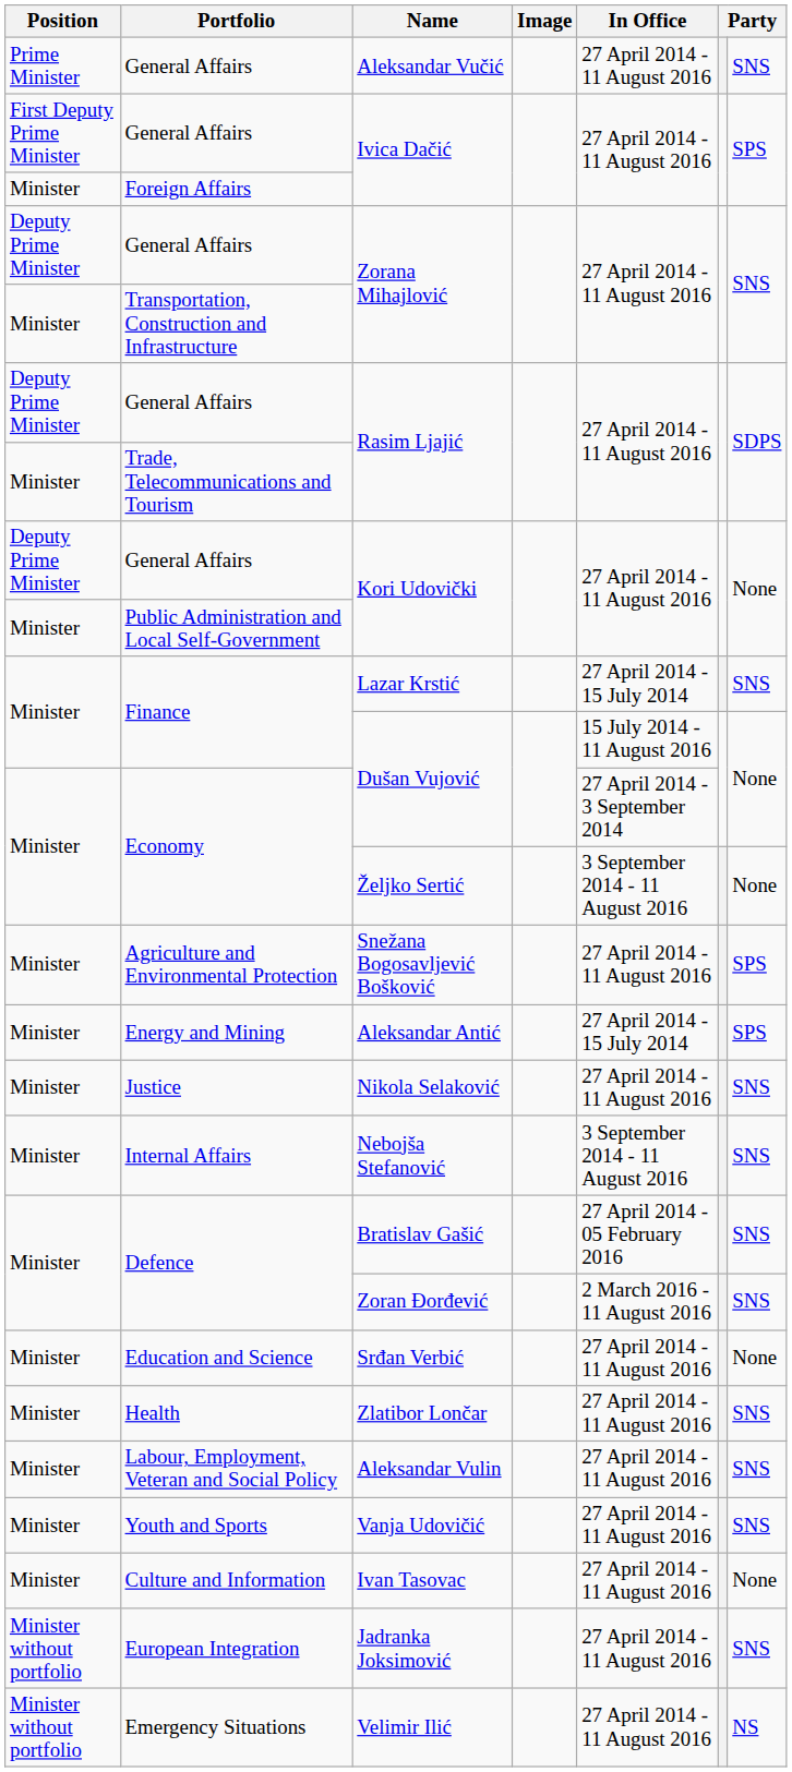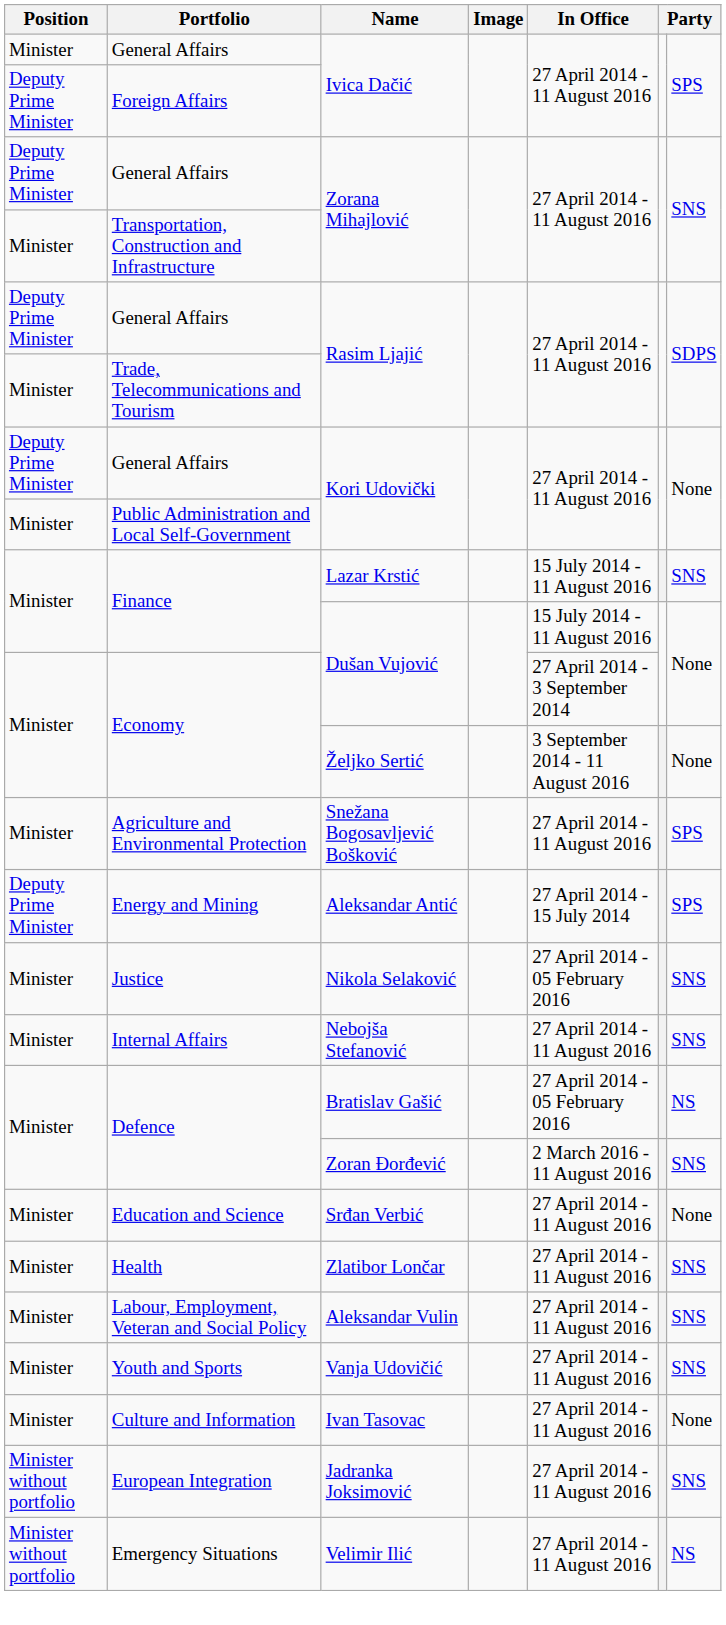 <table class="wikitable">
 <tr>
 <th colspan="1" bgcolor="#EEEEEE">Position</th>
 <th colspan="1" bgcolor="#EEEEEE">Portfolio</th>
 <th colspan="1" bgcolor="#EEEEEE">Name</th>
 <th colspan="1" bgcolor="#EEEEEE">Image</th>
 <th colspan="1" bgcolor="#EEEEEE">In Office</th>
 <th colspan="2" bgcolor="#EEEEEE">Party</th>
 </tr>
 <tr>
-<td><a href='#'>Prime Minister</a></td>
-<td>General Affairs</td>
-<td><a href='#'>Aleksandar Vučić</a></td>
-<td></td>
-<td>27 April 2014 - 11 August 2016</td>
-<th style="background:"></th>
-<td><a href='#'>SNS</a></td>
-</tr>
-<tr>
-<td><a href='#'>First Deputy Prime Minister</a></td>
+<td>Minister</td>
 <td>General Affairs</td>
 <td rowspan="2"><a href='#'>Ivica Dačić</a></td>
 <td rowspan="2"></td>
 <td rowspan="2">27 April 2014 - 11 August 2016</td>
 <td rowspan=2 style="background:"></td>
 <td rowspan="2"><a href='#'>SPS</a></td>
 </tr>
 <tr>
-<td>Minister</td>
+<td><a href='#'>Deputy Prime Minister</a></td>
 <td><a href='#'>Foreign Affairs</a></td>
 </tr>
 <tr>
 <td><a href='#'>Deputy Prime Minister</a></td>
 <td>General Affairs</td>
 <td rowspan="2"><a href='#'>Zorana Mihajlović</a></td>
 <td rowspan="2"></td>
 <td rowspan="2">27 April 2014 - 11 August 2016</td>
 <td rowspan=2 style="background:"></td>
 <td rowspan="2"><a href='#'>SNS</a></td>
 </tr>
 <tr>
 <td>Minister</td>
 <td><a href='#'>Transportation, Construction and Infrastructure</a></td>
 </tr>
 <tr>
 <td><a href='#'>Deputy Prime Minister</a></td>
 <td>General Affairs</td>
 <td rowspan="2"><a href='#'>Rasim Ljajić</a></td>
 <td rowspan="2"></td>
 <td rowspan="2">27 April 2014 - 11 August 2016</td>
 <td rowspan=2 style="background:"></td>
 <td rowspan="2"><a href='#'>SDPS</a></td>
 </tr>
 <tr>
 <td>Minister</td>
 <td><a href='#'>Trade, Telecommunications and Tourism</a></td>
 </tr>
 <tr>
 <td><a href='#'>Deputy Prime Minister</a></td>
 <td>General Affairs</td>
 <td rowspan="2"><a href='#'>Kori Udovički</a></td>
 <td rowspan="2"></td>
 <td rowspan="2">27 April 2014 - 11 August 2016</td>
 <td rowspan=2 style="background:"></td>
 <td rowspan="2">None</td>
 </tr>
 <tr>
 <td>Minister</td>
 <td><a href='#'>Public Administration and Local Self-Government</a></td>
 </tr>
 <tr>
 <td rowspan="2">Minister</td>
 <td rowspan="2"><a href='#'>Finance</a></td>
 <td><a href='#'>Lazar Krstić</a></td>
 <td></td>
-<td>27 April 2014 - 15 July 2014</td>
+<td>15 July 2014 - 11 August 2016</td>
 <th style="background:"></th>
 <td><a href='#'>SNS</a></td>
 </tr>
 <tr>
 <td rowspan="2"><a href='#'>Dušan Vujović</a></td>
 <td rowspan="2"></td>
 <td>15 July 2014 - 11 August 2016</td>
 <td rowspan=2 style="background:"></td>
 <td rowspan="2">None</td>
 </tr>
 <tr>
 <td rowspan="2">Minister</td>
 <td rowspan="2"><a href='#'>Economy</a></td>
 <td>27 April 2014 - 3 September 2014</td>
 </tr>
 <tr>
 <td><a href='#'>Željko Sertić</a></td>
 <td></td>
 <td>3 September 2014 - 11 August 2016</td>
 <th style="background:"></th>
 <td>None</td>
 </tr>
 <tr>
 <td>Minister</td>
 <td><a href='#'>Agriculture and Environmental Protection</a></td>
 <td><a href='#'>Snežana Bogosavljević Bošković</a></td>
 <td></td>
 <td>27 April 2014 - 11 August 2016</td>
 <th style="background:"></th>
 <td><a href='#'>SPS</a></td>
 </tr>
 <tr>
-<td>Minister</td>
+<td><a href='#'>Deputy Prime Minister</a></td>
 <td><a href='#'>Energy and Mining</a></td>
 <td><a href='#'>Aleksandar Antić</a></td>
 <td></td>
 <td>27 April 2014 - 15 July 2014</td>
 <th style="background:"></th>
 <td><a href='#'>SPS</a></td>
 </tr>
 <tr>
 <td>Minister</td>
 <td><a href='#'>Justice</a></td>
 <td><a href='#'>Nikola Selaković</a></td>
 <td></td>
-<td>27 April 2014 - 11 August 2016</td>
+<td>27 April 2014 - 05 February 2016</td>
 <th style="background:"></th>
 <td><a href='#'>SNS</a></td>
 </tr>
 <tr>
 <td>Minister</td>
 <td><a href='#'>Internal Affairs</a></td>
 <td><a href='#'>Nebojša Stefanović</a></td>
 <td></td>
-<td>3 September 2014 - 11 August 2016</td>
+<td>27 April 2014 - 11 August 2016</td>
 <th style="background:"></th>
 <td><a href='#'>SNS</a></td>
 </tr>
 <tr>
 <td rowspan="2">Minister</td>
 <td rowspan="2"><a href='#'>Defence</a></td>
 <td><a href='#'>Bratislav Gašić</a></td>
 <td></td>
 <td>27 April 2014 - 05 February 2016</td>
 <th style="background:"></th>
-<td><a href='#'>SNS</a></td>
+<td><a href='#'>NS</a></td>
 </tr>
 <tr>
 <td><a href='#'>Zoran Đorđević</a></td>
 <td></td>
 <td>2 March 2016 - 11 August 2016</td>
 <th style="background:"></th>
 <td><a href='#'>SNS</a></td>
 </tr>
 <tr>
 <td>Minister</td>
 <td><a href='#'>Education and Science</a></td>
 <td><a href='#'>Srđan Verbić</a></td>
 <td></td>
 <td>27 April 2014 - 11 August 2016</td>
 <th style="background:"></th>
 <td>None</td>
 </tr>
 <tr>
 <td>Minister</td>
 <td><a href='#'>Health</a></td>
 <td><a href='#'>Zlatibor Lončar</a></td>
 <td></td>
 <td>27 April 2014 - 11 August 2016</td>
 <th style="background:"></th>
 <td><a href='#'>SNS</a></td>
 </tr>
 <tr>
 <td>Minister</td>
 <td><a href='#'>Labour, Employment, Veteran and Social Policy</a></td>
 <td><a href='#'>Aleksandar Vulin</a></td>
 <td></td>
 <td>27 April 2014 - 11 August 2016</td>
 <th style="background:"></th>
 <td><a href='#'>SNS</a></td>
 </tr>
 <tr>
 <td>Minister</td>
 <td><a href='#'>Youth and Sports</a></td>
 <td><a href='#'>Vanja Udovičić</a></td>
 <td></td>
 <td>27 April 2014 - 11 August 2016</td>
 <th style="background:"></th>
 <td><a href='#'>SNS</a></td>
 </tr>
 <tr>
 <td>Minister</td>
 <td><a href='#'>Culture and Information</a></td>
 <td><a href='#'>Ivan Tasovac</a></td>
 <td></td>
 <td>27 April 2014 - 11 August 2016</td>
 <th style="background:"></th>
 <td>None</td>
 </tr>
 <tr>
 <td><a href='#'>Minister without portfolio</a></td>
 <td><a href='#'>European Integration</a></td>
 <td><a href='#'>Jadranka Joksimović</a></td>
 <td></td>
 <td>27 April 2014 - 11 August 2016</td>
 <th style="background:"></th>
 <td><a href='#'>SNS</a></td>
 </tr>
 <tr>
 <td><a href='#'>Minister without portfolio</a></td>
 <td>Emergency Situations</td>
 <td><a href='#'>Velimir Ilić</a></td>
 <td></td>
 <td>27 April 2014 - 11 August 2016</td>
 <th style="background:"></th>
 <td><a href='#'>NS</a></td>
 </tr>
 </table>
